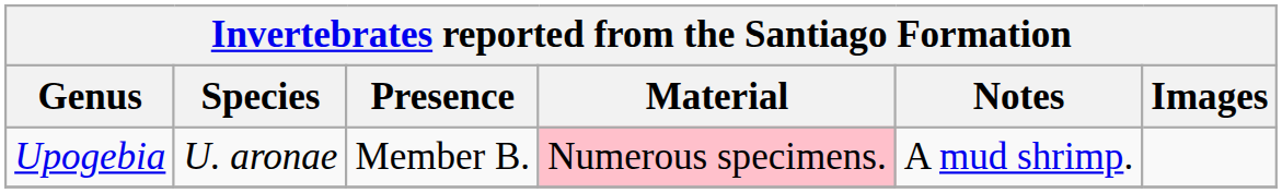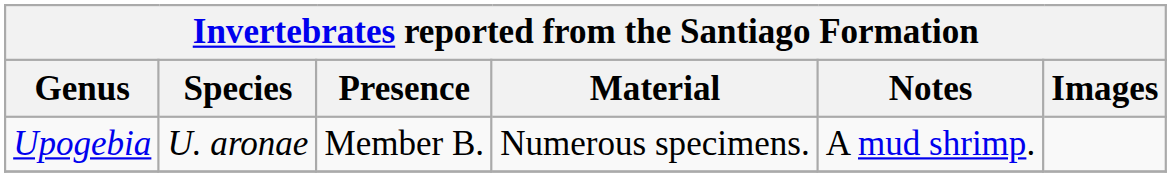 <table class="wikitable" align="center">
 <tr>
 <th colspan="6" align="center"><strong><a href='#'>Invertebrates</a> reported from the Santiago Formation</strong></th>
 </tr>
 <tr>
 <th>Genus</th>
 <th>Species</th>
 <th>Presence</th>
 <th><strong>Material</strong></th>
 <th>Notes</th>
 <th>Images</th>
 </tr>
 <tr>
 <td><em><a href='#'>Upogebia</a></em></td>
 <td><em>U. aronae</em></td>
 <td>Member B.</td>
-<td style="background: pink;">Numerous specimens.</td>
+<td>Numerous specimens.</td>
 <td>A <a href='#'>mud shrimp</a>.</td>
 <td></td>
 </tr>
 <tr>
 </tr>
 </table>
